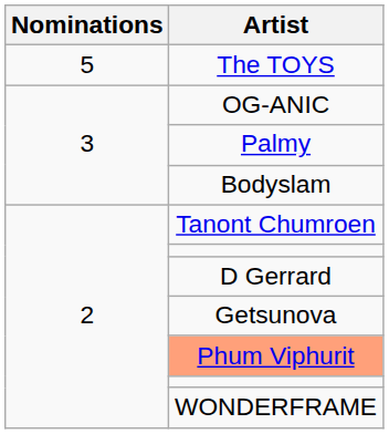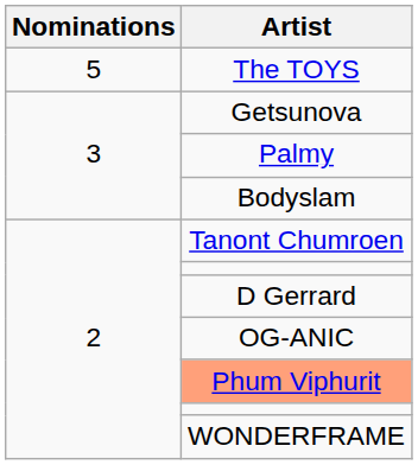 <table class="wikitable plainrowheaders" style="text-align:center;">
 <tr>
 <th scope="col" style="width:55px;">Nominations</th>
 <th scope="col" style="text-align:center;">Artist</th>
 </tr>
 <tr>
 <td scope=row style="text-align:center">5</td>
 <td><a href='#'>The TOYS</a></td>
 </tr>
 <tr>
 <td scope=row rowspan="3" style="text-align:center">3</td>
-<td>OG-ANIC</td>
+<td>Getsunova</td>
 </tr>
 <tr>
 <td><a href='#'>Palmy</a></td>
 </tr>
 <tr>
 <td>Bodyslam</td>
 </tr>
 <tr>
 <td scope=row rowspan="7" style="text-align:center">2</td>
 <td><a href='#'>Tanont Chumroen</a></td>
 </tr>
 <tr>
 <td></td>
 </tr>
 <tr>
 <td>D Gerrard</td>
 </tr>
 <tr>
-<td>Getsunova</td>
+<td>OG-ANIC</td>
 </tr>
 <tr>
 <td style="background: lightsalmon;"><a href='#'>Phum Viphurit</a></td>
 </tr>
 <tr>
 <td></td>
 </tr>
 <tr>
 <td>WONDERFRAME</td>
 </tr>
 </table>
